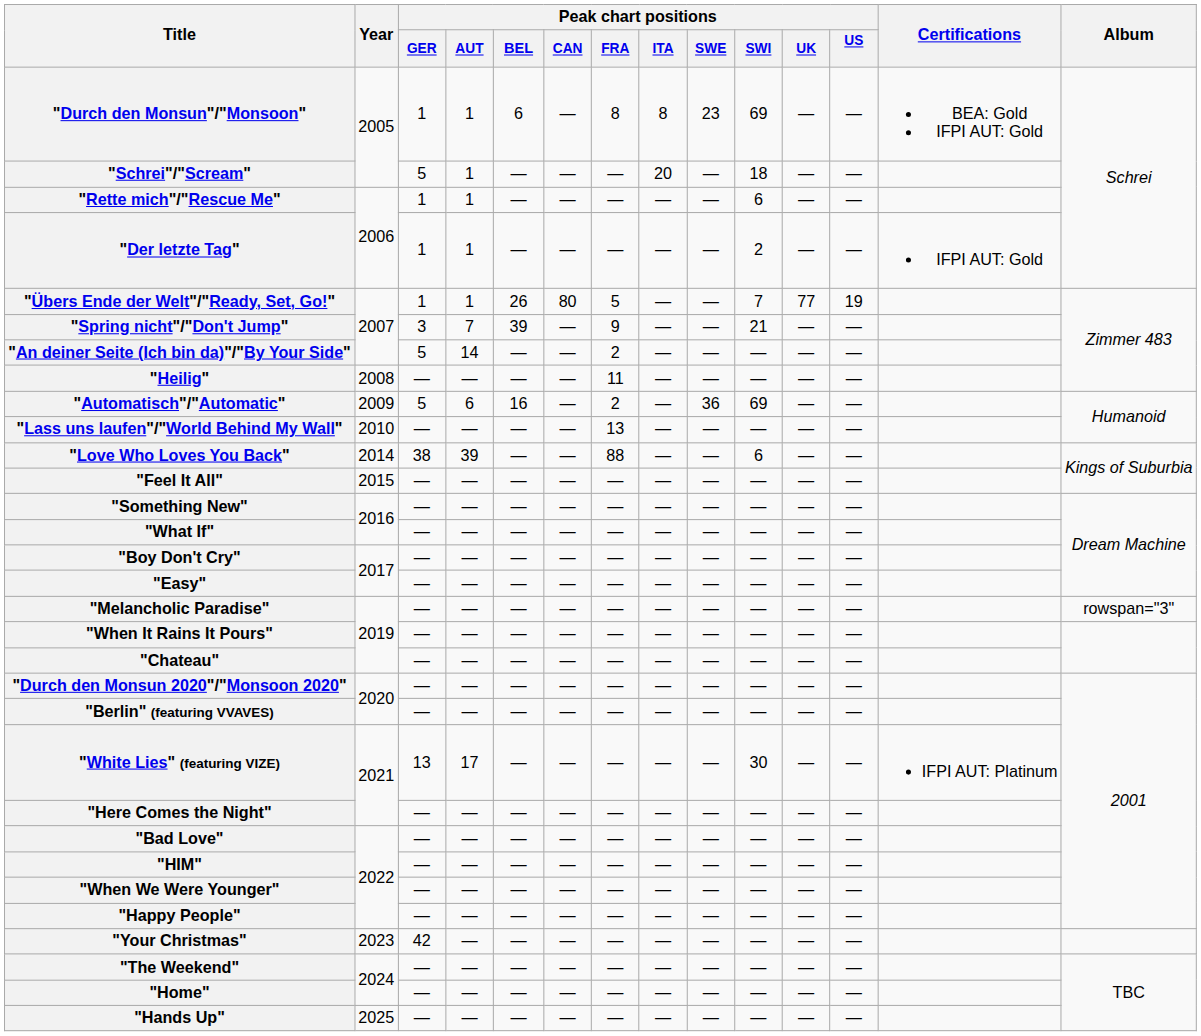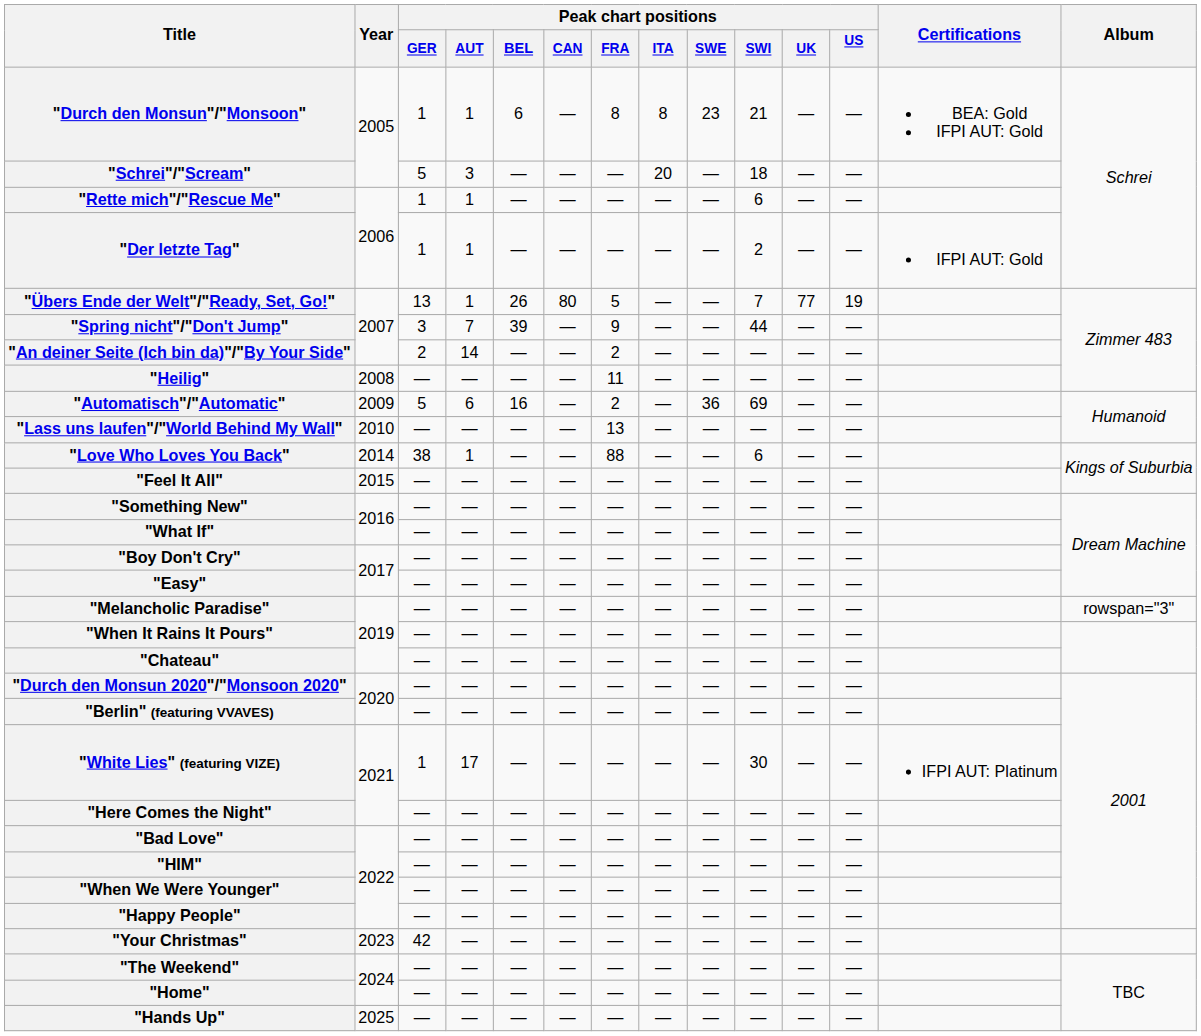 <table class="wikitable plainrowheaders" style="text-align:center;">
 <tr>
 <th scope="col" rowspan="2">Title</th>
 <th scope="col" rowspan="2">Year</th>
 <th scope="col" colspan="10">Peak chart positions</th>
 <th scope="col" rowspan="2"><a href='#'>Certifications</a></th>
 <th scope="col" rowspan="2">Album</th>
 </tr>
 <tr>
 <th style="width:3em;font-size:85%"><a href='#'>GER</a><br></th>
 <th style="width:3em;font-size:85%"><a href='#'>AUT</a><br></th>
 <th scope="col" style="width:3em;font-size:90%;"><a href='#'>BEL</a><br></th>
 <th style="width:3em;font-size:85%"><a href='#'>CAN</a><br></th>
 <th style="width:3em;font-size:85%"><a href='#'>FRA</a><br></th>
 <th style="width:3em;font-size:85%"><a href='#'>ITA</a><br></th>
 <th style="width:3em;font-size:85%"><a href='#'>SWE</a><br></th>
 <th style="width:3em;font-size:85%"><a href='#'>SWI</a><br></th>
 <th style="width:3em;font-size:85%"><a href='#'>UK</a><br></th>
 <th style="width:3em;font-size:85%"><a href='#'>US<br></a><br></th>
 </tr>
 <tr>
 <th scope="row">"<a href='#'>Durch den Monsun</a>"/"<a href='#'>Monsoon</a>"</th>
 <td rowspan="2">2005</td>
 <td>1</td>
 <td>1</td>
 <td>6</td>
 <td>—</td>
 <td>8</td>
 <td>8</td>
 <td>23</td>
-<td>69</td>
+<td>21</td>
 <td>—</td>
 <td>—</td>
 <td><br><ul><li>BEA: Gold</li><li>IFPI AUT: Gold</li></ul></td>
 <td rowspan="4"><em>Schrei</em></td>
 </tr>
 <tr>
 <th scope="row">"<a href='#'>Schrei</a>"/"<a href='#'>Scream</a>"</th>
 <td>5</td>
-<td>1</td>
+<td>3</td>
 <td>—</td>
 <td>—</td>
 <td>—</td>
 <td>20</td>
 <td>—</td>
 <td>18</td>
 <td>—</td>
 <td>—</td>
 <td></td>
 </tr>
 <tr>
 <th scope="row">"<a href='#'>Rette mich</a>"/"<a href='#'>Rescue Me</a>"</th>
 <td rowspan=2>2006</td>
 <td>1</td>
 <td>1</td>
 <td>—</td>
 <td>—</td>
 <td>—</td>
 <td>—</td>
 <td>—</td>
 <td>6</td>
 <td>—</td>
 <td>—</td>
 <td></td>
 </tr>
 <tr>
 <th scope="row">"<a href='#'>Der letzte Tag</a>"</th>
 <td>1</td>
 <td>1</td>
 <td>—</td>
 <td>—</td>
 <td>—</td>
 <td>—</td>
 <td>—</td>
 <td>2</td>
 <td>—</td>
 <td>—</td>
 <td><br><ul><li>IFPI AUT: Gold</li></ul></td>
 </tr>
 <tr>
 <th scope="row">"<a href='#'>Übers Ende der Welt</a>"/"<a href='#'>Ready, Set, Go!</a>"</th>
 <td rowspan=3>2007</td>
-<td>1</td>
+<td>13</td>
 <td>1</td>
 <td>26</td>
 <td>80</td>
 <td>5</td>
 <td>—</td>
 <td>—</td>
 <td>7</td>
 <td>77</td>
 <td>19</td>
 <td></td>
 <td rowspan=4><em>Zimmer 483</em></td>
 </tr>
 <tr>
 <th scope="row">"<a href='#'>Spring nicht</a>"/"<a href='#'>Don't Jump</a>"</th>
 <td>3</td>
 <td>7</td>
 <td>39</td>
 <td>—</td>
 <td>9</td>
 <td>—</td>
 <td>—</td>
-<td>21</td>
+<td>44</td>
 <td>—</td>
 <td>—</td>
 <td></td>
 </tr>
 <tr>
 <th scope="row">"<a href='#'>An deiner Seite (Ich bin da)</a>"/"<a href='#'>By Your Side</a>"</th>
-<td>5</td>
+<td>2</td>
 <td>14</td>
 <td>—</td>
 <td>—</td>
 <td>2</td>
 <td>—</td>
 <td>—</td>
 <td>—</td>
 <td>—</td>
 <td>—</td>
 <td></td>
 </tr>
 <tr>
 <th scope="row">"<a href='#'>Heilig</a>"</th>
 <td>2008</td>
 <td>—</td>
 <td>—</td>
 <td>—</td>
 <td>—</td>
 <td>11</td>
 <td>—</td>
 <td>—</td>
 <td>—</td>
 <td>—</td>
 <td>—</td>
 <td></td>
 </tr>
 <tr>
 <th scope="row">"<a href='#'>Automatisch</a>"/"<a href='#'>Automatic</a>"</th>
 <td>2009</td>
 <td>5</td>
 <td>6</td>
 <td>16</td>
 <td>—</td>
 <td>2</td>
 <td>—</td>
 <td>36</td>
 <td>69</td>
 <td>—</td>
 <td>—</td>
 <td></td>
 <td rowspan=2><em>Humanoid</em></td>
 </tr>
 <tr>
 <th scope="row">"<a href='#'>Lass uns laufen</a>"/"<a href='#'>World Behind My Wall</a>"</th>
 <td>2010</td>
 <td>—</td>
 <td>—</td>
 <td>—</td>
 <td>—</td>
 <td>13</td>
 <td>—</td>
 <td>—</td>
 <td>—</td>
 <td>—</td>
 <td>—</td>
 <td></td>
 </tr>
 <tr>
 <th scope="row">"<a href='#'>Love Who Loves You Back</a>"</th>
 <td>2014</td>
 <td>38</td>
-<td>39</td>
+<td>1</td>
 <td>—</td>
 <td>—</td>
 <td>88</td>
 <td>—</td>
 <td>—</td>
 <td>6</td>
 <td>—</td>
 <td>—</td>
 <td></td>
 <td rowspan=2><em>Kings of Suburbia</em></td>
 </tr>
 <tr>
 <th scope="row">"Feel It All"</th>
 <td>2015</td>
 <td>—</td>
 <td>—</td>
 <td>—</td>
 <td>—</td>
 <td>—</td>
 <td>—</td>
 <td>—</td>
 <td>—</td>
 <td>—</td>
 <td>—</td>
 <td></td>
 </tr>
 <tr>
 <th scope="row">"Something New"</th>
 <td rowspan=2>2016</td>
 <td>—</td>
 <td>—</td>
 <td>—</td>
 <td>—</td>
 <td>—</td>
 <td>—</td>
 <td>—</td>
 <td>—</td>
 <td>—</td>
 <td>—</td>
 <td></td>
 <td rowspan=4><em>Dream Machine</em></td>
 </tr>
 <tr>
 <th scope="row">"What If"</th>
 <td>—</td>
 <td>—</td>
 <td>—</td>
 <td>—</td>
 <td>—</td>
 <td>—</td>
 <td>—</td>
 <td>—</td>
 <td>—</td>
 <td>—</td>
 <td></td>
 </tr>
 <tr>
 <th scope="row">"Boy Don't Cry"</th>
 <td rowspan=2>2017</td>
 <td>—</td>
 <td>—</td>
 <td>—</td>
 <td>—</td>
 <td>—</td>
 <td>—</td>
 <td>—</td>
 <td>—</td>
 <td>—</td>
 <td>—</td>
 <td></td>
 </tr>
 <tr>
 <th scope="row">"Easy"</th>
 <td>—</td>
 <td>—</td>
 <td>—</td>
 <td>—</td>
 <td>—</td>
 <td>—</td>
 <td>—</td>
 <td>—</td>
 <td>—</td>
 <td>—</td>
 <td></td>
 </tr>
 <tr>
 <th scope="row">"Melancholic Paradise"</th>
 <td rowspan=3>2019</td>
 <td>—</td>
 <td>—</td>
 <td>—</td>
 <td>—</td>
 <td>—</td>
 <td>—</td>
 <td>—</td>
 <td>—</td>
 <td>—</td>
 <td>—</td>
 <td></td>
 <td>rowspan="3" </td>
 </tr>
 <tr>
 <th scope="row">"When It Rains It Pours"</th>
 <td>—</td>
 <td>—</td>
 <td>—</td>
 <td>—</td>
 <td>—</td>
 <td>—</td>
 <td>—</td>
 <td>—</td>
 <td>—</td>
 <td>—</td>
 <td></td>
 </tr>
 <tr>
 <th scope="row">"Chateau"</th>
 <td>—</td>
 <td>—</td>
 <td>—</td>
 <td>—</td>
 <td>—</td>
 <td>—</td>
 <td>—</td>
 <td>—</td>
 <td>—</td>
 <td>—</td>
 <td></td>
 </tr>
 <tr>
 <th scope="row">"<a href='#'>Durch den Monsun 2020</a>"/"<a href='#'>Monsoon 2020</a>"</th>
 <td rowspan=2>2020</td>
 <td>—</td>
 <td>—</td>
 <td>—</td>
 <td>—</td>
 <td>—</td>
 <td>—</td>
 <td>—</td>
 <td>—</td>
 <td>—</td>
 <td>—</td>
 <td></td>
 <td rowspan=8><em>2001</em></td>
 </tr>
 <tr>
 <th scope="row">"Berlin" <small>(featuring VVAVES)</small></th>
 <td>—</td>
 <td>—</td>
 <td>—</td>
 <td>—</td>
 <td>—</td>
 <td>—</td>
 <td>—</td>
 <td>—</td>
 <td>—</td>
 <td>—</td>
 <td></td>
 </tr>
 <tr>
 <th scope="row">"<a href='#'>White Lies</a>" <small>(featuring VIZE)</small></th>
 <td rowspan=2>2021</td>
-<td>13</td>
+<td>1</td>
 <td>17</td>
 <td>—</td>
 <td>—</td>
 <td>—</td>
 <td>—</td>
 <td>—</td>
 <td>30</td>
 <td>—</td>
 <td>—</td>
 <td><br><ul><li>IFPI AUT: Platinum</li></ul></td>
 </tr>
 <tr>
 <th scope="row">"Here Comes the Night"</th>
 <td>—</td>
 <td>—</td>
 <td>—</td>
 <td>—</td>
 <td>—</td>
 <td>—</td>
 <td>—</td>
 <td>—</td>
 <td>—</td>
 <td>—</td>
 <td></td>
 </tr>
 <tr>
 <th scope="row">"Bad Love"</th>
 <td rowspan=4>2022</td>
 <td>—</td>
 <td>—</td>
 <td>—</td>
 <td>—</td>
 <td>—</td>
 <td>—</td>
 <td>—</td>
 <td>—</td>
 <td>—</td>
 <td>—</td>
 <td></td>
 </tr>
 <tr>
 <th scope="row">"HIM"</th>
 <td>—</td>
 <td>—</td>
 <td>—</td>
 <td>—</td>
 <td>—</td>
 <td>—</td>
 <td>—</td>
 <td>—</td>
 <td>—</td>
 <td>—</td>
 <td></td>
 </tr>
 <tr>
 <th scope="row">"When We Were Younger"</th>
 <td>—</td>
 <td>—</td>
 <td>—</td>
 <td>—</td>
 <td>—</td>
 <td>—</td>
 <td>—</td>
 <td>—</td>
 <td>—</td>
 <td>—</td>
 <td></td>
 </tr>
 <tr>
 <th scope="row">"Happy People"<br></th>
 <td>—</td>
 <td>—</td>
 <td>—</td>
 <td>—</td>
 <td>—</td>
 <td>—</td>
 <td>—</td>
 <td>—</td>
 <td>—</td>
 <td>—</td>
 <td></td>
 </tr>
 <tr>
 <th scope="row">"Your Christmas"</th>
 <td>2023</td>
 <td>42</td>
 <td>—</td>
 <td>—</td>
 <td>—</td>
 <td>—</td>
 <td>—</td>
 <td>—</td>
 <td>—</td>
 <td>—</td>
 <td>—</td>
 <td></td>
 <td></td>
 </tr>
 <tr>
 <th scope="row">"The Weekend"</th>
 <td rowspan=2>2024</td>
 <td>—</td>
 <td>—</td>
 <td>—</td>
 <td>—</td>
 <td>—</td>
 <td>—</td>
 <td>—</td>
 <td>—</td>
 <td>—</td>
 <td>—</td>
 <td></td>
 <td rowspan=3>TBC</td>
 </tr>
 <tr>
 <th scope="row">"Home" </th>
 <td>—</td>
 <td>—</td>
 <td>—</td>
 <td>—</td>
 <td>—</td>
 <td>—</td>
 <td>—</td>
 <td>—</td>
 <td>—</td>
 <td>—</td>
 <td></td>
 </tr>
 <tr>
 <th scope="row">"Hands Up"</th>
 <td rowspan=1>2025</td>
 <td>—</td>
 <td>—</td>
 <td>—</td>
 <td>—</td>
 <td>—</td>
 <td>—</td>
 <td>—</td>
 <td>—</td>
 <td>—</td>
 <td>—</td>
 <td></td>
 </tr>
 </table>
